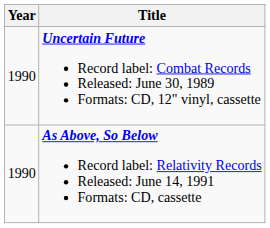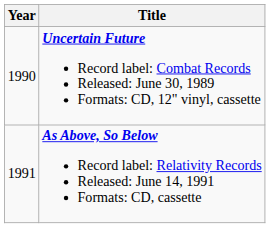 <table class="wikitable">
 <tr>
 <th>Year</th>
 <th>Title</th>
 </tr>
 <tr>
 <td>1990</td>
 <td><strong><em><a href='#'>Uncertain Future</a></em></strong><br><ul><li>Record label: <a href='#'>Combat Records</a></li><li>Released: June 30, 1989</li><li>Formats: CD, 12" vinyl, cassette</li></ul></td>
 </tr>
 <tr>
-<td>1990</td>
+<td>1991</td>
 <td><strong><em><a href='#'>As Above, So Below</a></em></strong><br><ul><li>Record label: <a href='#'>Relativity Records</a></li><li>Released: June 14, 1991</li><li>Formats: CD, cassette</li></ul></td>
 </tr>
 </table>
